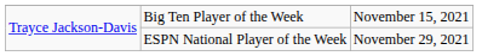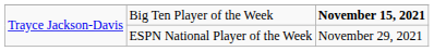 <table class=wikitable "border="1">
 <tr align=center>
 </tr>
 <tr>
 <td rowspan=2><a href='#'>Trayce Jackson-Davis</a></td>
 <td>Big Ten Player of the Week</td>
-<td>November 15, 2021</td>
+<td><strong>November 15, 2021</strong></td>
 </tr>
 <tr>
 <td>ESPN National Player of the Week</td>
 <td>November 29, 2021</td>
 </tr>
 </table>
